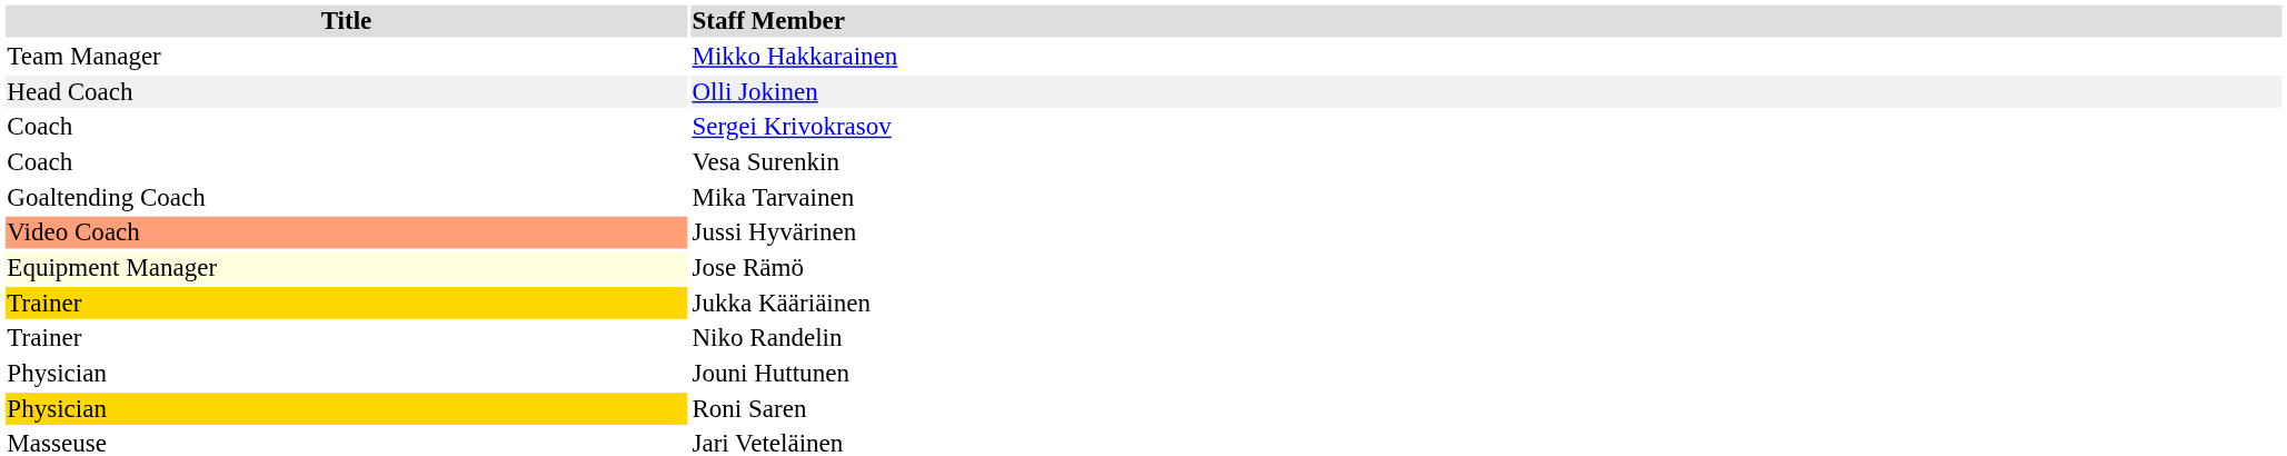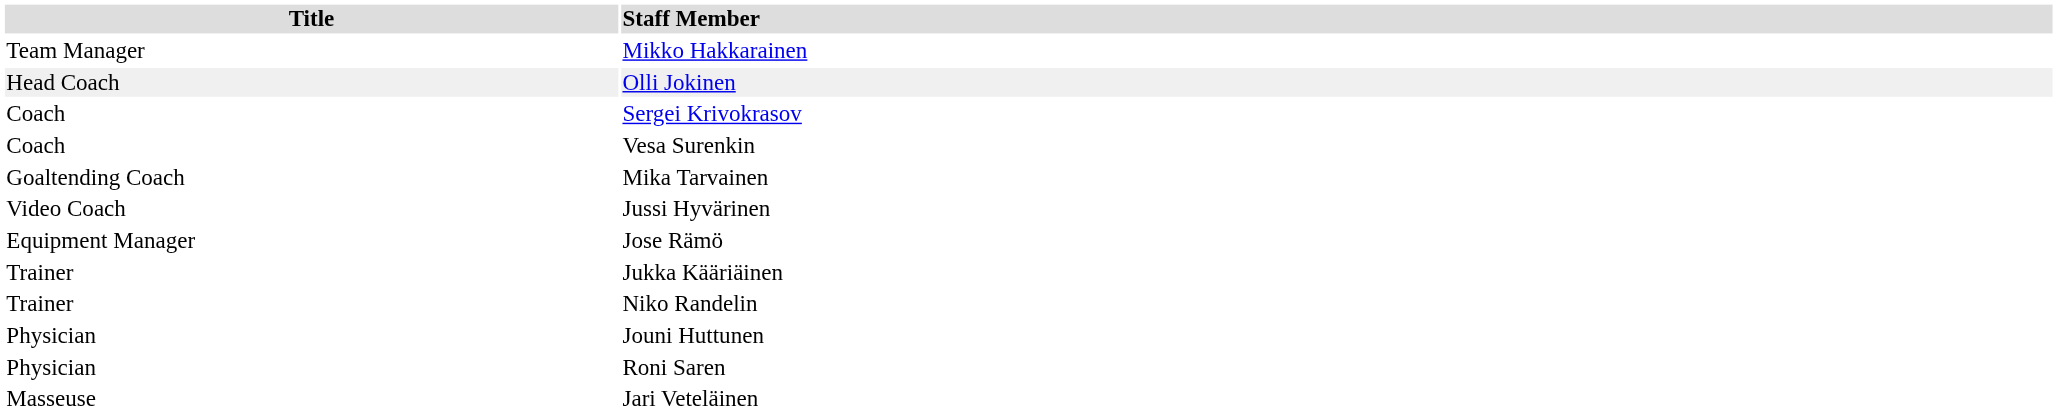 <table width=90% h=90%>
 <tr>
 <th colspan=7></th>
 </tr>
 <tr bgcolor="#dddddd">
 <th width=30%>Title</th>
 <td align=left!!width=75%><strong>Staff Member</strong></td>
 </tr>
 <tr>
 <td>Team Manager</td>
 <td><a href='#'>Mikko Hakkarainen</a></td>
 </tr>
 <tr bgcolor="#f0f0f0">
 <td>Head Coach</td>
 <td><a href='#'>Olli Jokinen</a></td>
 </tr>
 <tr>
 <td>Coach</td>
 <td><a href='#'>Sergei Krivokrasov</a></td>
 </tr>
 <tr>
 <td>Coach</td>
 <td>Vesa Surenkin</td>
 </tr>
 <tr>
 <td>Goaltending Coach</td>
 <td>Mika Tarvainen</td>
 </tr>
 <tr>
-<td style="background: lightsalmon;">Video Coach</td>
+<td>Video Coach</td>
 <td>Jussi Hyvärinen</td>
 </tr>
 <tr>
-<td style="background: lightyellow;">Equipment Manager</td>
+<td>Equipment Manager</td>
 <td>Jose Rämö</td>
 </tr>
 <tr>
-<td style="background: gold;">Trainer</td>
+<td>Trainer</td>
 <td>Jukka Kääriäinen</td>
 </tr>
 <tr>
 <td>Trainer</td>
 <td>Niko Randelin</td>
 </tr>
 <tr>
 <td>Physician</td>
 <td>Jouni Huttunen</td>
 </tr>
 <tr>
-<td style="background: gold;">Physician</td>
+<td>Physician</td>
 <td>Roni Saren</td>
 </tr>
 <tr>
 <td>Masseuse</td>
 <td>Jari Veteläinen</td>
 </tr>
 </table>
